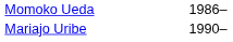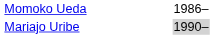 <table>
 <tr>
 <td style="width:210px"> <a href='#'>Momoko Ueda</a></td>
 <td>1986–</td>
 </tr>
 <tr>
 <td> <a href='#'>Mariajo Uribe</a></td>
-<td>1990–</td>
+<td style="background: lightgrey;">1990–</td>
 </tr>
 </table>
